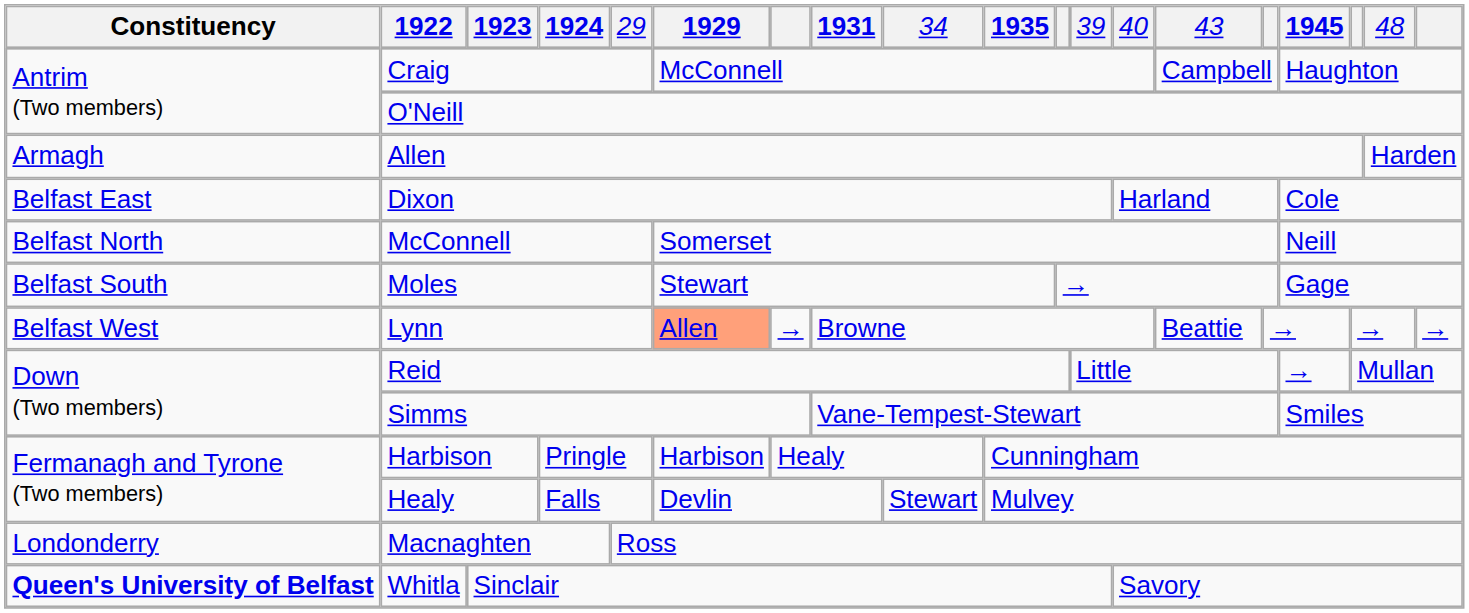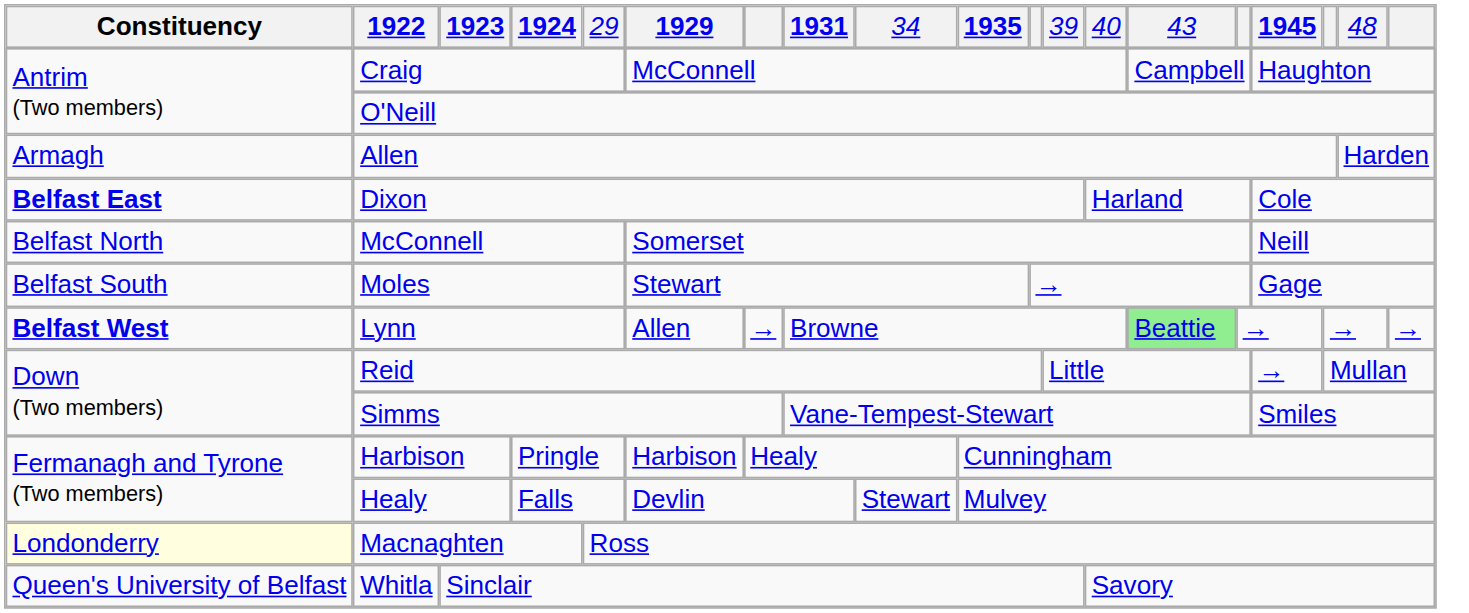 <table class="wikitable" style="border-collapse: separate; border-spacing: 0;">
 <tr>
 <th>Constituency</th>
 <th><a href='#'>1922</a></th>
 <th><a href='#'>1923</a></th>
 <th><a href='#'>1924</a></th>
 <th style="font-weight: normal;"><em><a href='#'>29</a></em></th>
 <th><a href='#'>1929</a></th>
 <th style="font-weight: normal;"><em></em></th>
 <th><a href='#'>1931</a></th>
 <th style="font-weight: normal;"><em><a href='#'>34</a></em></th>
 <th><a href='#'>1935</a></th>
 <th style="font-weight: normal;"><em></em></th>
 <th style="font-weight: normal;"><em><a href='#'>39</a></em></th>
 <th style="font-weight: normal;"><em><a href='#'>40</a></em></th>
 <th style="font-weight: normal;"><em><a href='#'>43</a></em></th>
 <th style="font-weight: normal;"><em></em></th>
 <th><a href='#'>1945</a></th>
 <th style="font-weight: normal;"><em></em></th>
 <th style="font-weight: normal;"><em><a href='#'>48</a></em></th>
 <th style="font-weight: normal;"><em></em></th>
 </tr>
 <tr>
 <td rowspan="2"><a href='#'>Antrim</a><br><small>(Two members)</small></td>
 <td colspan="4"><a href='#'>Craig</a></td>
 <td colspan="8"><a href='#'>McConnell</a></td>
 <td colspan="2"><a href='#'>Campbell</a></td>
 <td colspan="4"><a href='#'>Haughton</a></td>
 </tr>
 <tr>
 <td colspan="18"><a href='#'>O'Neill</a></td>
 </tr>
 <tr>
 <td><a href='#'>Armagh</a></td>
 <td colspan="16"><a href='#'>Allen</a></td>
 <td colspan="2"><a href='#'>Harden</a></td>
 </tr>
 <tr>
-<td><a href='#'>Belfast East</a></td>
+<td><strong><a href='#'>Belfast East</a></strong></td>
 <td colspan="11"><a href='#'>Dixon</a></td>
 <td colspan="3"><a href='#'>Harland</a></td>
 <td colspan="4"><a href='#'>Cole</a></td>
 </tr>
 <tr>
 <td><a href='#'>Belfast North</a></td>
 <td colspan="4"><a href='#'>McConnell</a></td>
 <td colspan="10"><a href='#'>Somerset</a></td>
 <td colspan="4"><a href='#'>Neill</a></td>
 </tr>
 <tr>
 <td><a href='#'>Belfast South</a></td>
 <td colspan="4"><a href='#'>Moles</a></td>
 <td colspan="5"><a href='#'>Stewart</a></td>
 <td colspan="5"><a href='#'>→</a></td>
 <td colspan="4"><a href='#'>Gage</a></td>
 </tr>
 <tr>
-<td><a href='#'>Belfast West</a></td>
+<td><strong><a href='#'>Belfast West</a></strong></td>
 <td colspan="4"><a href='#'>Lynn</a></td>
-<td style="background: lightsalmon;"><a href='#'>Allen</a></td>
+<td><a href='#'>Allen</a></td>
 <td><a href='#'>→</a></td>
 <td colspan="6"><a href='#'>Browne</a></td>
-<td><a href='#'>Beattie</a></td>
+<td style="background: lightgreen;"><a href='#'>Beattie</a></td>
 <td colspan="2"><a href='#'>→</a></td>
 <td colspan="2"><a href='#'>→</a></td>
 <td><a href='#'>→</a></td>
 </tr>
 <tr>
 <td rowspan="2"><a href='#'>Down</a><br><small>(Two members)</small></td>
 <td colspan="10"><a href='#'>Reid</a></td>
 <td colspan="4"><a href='#'>Little</a></td>
 <td><a href='#'>→</a></td>
 <td colspan="3"><a href='#'>Mullan</a></td>
 </tr>
 <tr>
 <td colspan="6"><a href='#'>Simms</a></td>
 <td colspan="8"><a href='#'>Vane-Tempest-Stewart</a></td>
 <td colspan="4"><a href='#'>Smiles</a></td>
 </tr>
 <tr>
 <td rowspan="2"><a href='#'>Fermanagh and Tyrone</a><br><small>(Two members)</small></td>
 <td colspan="2"><a href='#'>Harbison</a></td>
 <td colspan="2"><a href='#'>Pringle</a></td>
 <td><a href='#'>Harbison</a></td>
 <td colspan="3"><a href='#'>Healy</a></td>
 <td colspan="10"><a href='#'>Cunningham</a></td>
 </tr>
 <tr>
 <td colspan="2"><a href='#'>Healy</a></td>
 <td colspan="2"><a href='#'>Falls</a></td>
 <td colspan="3"><a href='#'>Devlin</a></td>
 <td><a href='#'>Stewart</a></td>
 <td colspan="10"><a href='#'>Mulvey</a></td>
 </tr>
 <tr>
-<td><a href='#'>Londonderry</a></td>
+<td style="background: lightyellow;"><a href='#'>Londonderry</a></td>
 <td colspan="3"><a href='#'>Macnaghten</a></td>
 <td colspan="15"><a href='#'>Ross</a></td>
 </tr>
 <tr>
-<td><strong><a href='#'>Queen's University of Belfast</a></strong></td>
+<td><a href='#'>Queen's University of Belfast</a></td>
 <td><a href='#'>Whitla</a></td>
 <td colspan="10"><a href='#'>Sinclair</a></td>
 <td colspan="7"><a href='#'>Savory</a></td>
 </tr>
 </table>
